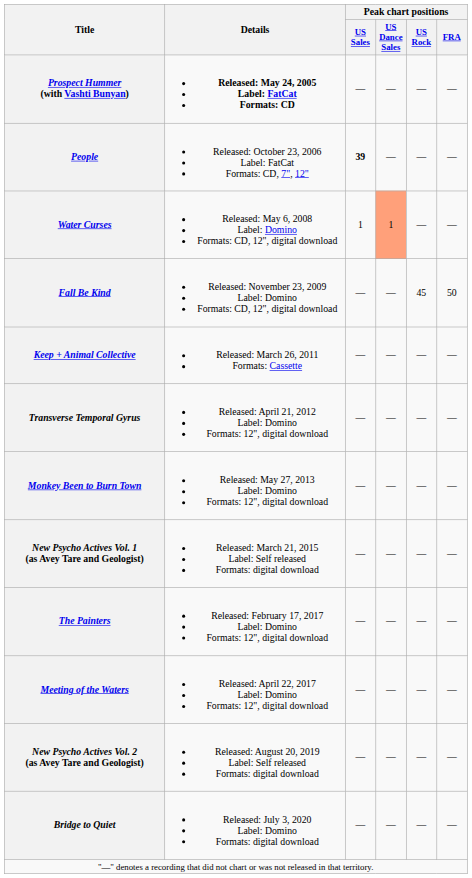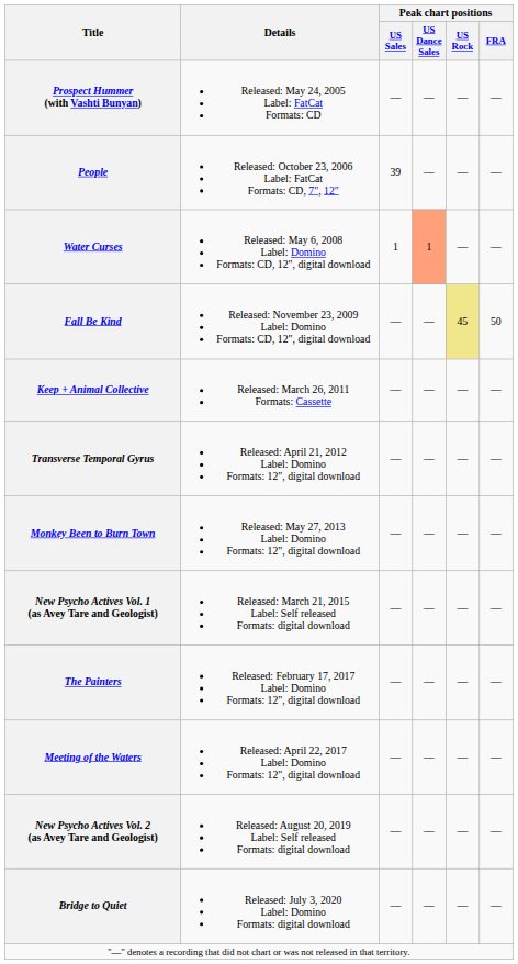 <table class="wikitable plainrowheaders" style="text-align:center;" border="1">
 <tr>
 <th scope="col" rowspan="2" style="width:16em;">Title</th>
 <th scope="col" rowspan="2" style="width:18em;">Details</th>
 <th scope="col" colspan="4">Peak chart positions</th>
 </tr>
 <tr>
 <th scope="col" style="width:3em;font-size:90%;"><a href='#'>US<br>Sales</a><br></th>
 <th scope="col" style="width:3em;font-size:90%;"><a href='#'>US<br>Dance<br>Sales</a><br></th>
 <th scope="col" style="width:3em;font-size:90%;"><a href='#'>US<br>Rock</a><br></th>
 <th scope="col" style="width:3em;font-size:90%;"><a href='#'>FRA</a><br></th>
 </tr>
 <tr>
 <th scope="row"><em><a href='#'>Prospect Hummer</a></em><br><span>(with <a href='#'>Vashti Bunyan</a>)</span></th>
-<td><strong><br><ul><li>Released: May 24, 2005</li><li>Label: <a href='#'>FatCat</a></li><li>Formats: CD</li></ul></strong></td>
+<td><br><ul><li>Released: May 24, 2005</li><li>Label: <a href='#'>FatCat</a></li><li>Formats: CD</li></ul></td>
 <td>—</td>
 <td>—</td>
 <td>—</td>
 <td>—</td>
 </tr>
 <tr>
 <th scope="row"><em><a href='#'>People</a></em></th>
 <td><br><ul><li>Released: October 23, 2006</li><li>Label: FatCat</li><li>Formats: CD, <a href='#'>7"</a>, <a href='#'>12"</a></li></ul></td>
-<td><strong>39</strong></td>
+<td>39</td>
 <td>—</td>
 <td>—</td>
 <td>—</td>
 </tr>
 <tr>
 <th scope="row"><em><a href='#'>Water Curses</a></em></th>
 <td><br><ul><li>Released: May 6, 2008</li><li>Label: <a href='#'>Domino</a></li><li>Formats: CD, 12", digital download</li></ul></td>
 <td>1</td>
 <td style="background: lightsalmon;">1</td>
 <td>—</td>
 <td>—</td>
 </tr>
 <tr>
 <th scope="row"><em><a href='#'>Fall Be Kind</a></em></th>
 <td><br><ul><li>Released: November 23, 2009</li><li>Label: Domino</li><li>Formats: CD, 12", digital download</li></ul></td>
 <td>—</td>
 <td>—</td>
-<td>45</td>
+<td style="background: khaki;">45</td>
 <td>50</td>
 </tr>
 <tr>
 <th scope="row"><em><a href='#'>Keep + Animal Collective</a></em></th>
 <td><br><ul><li>Released: March 26, 2011</li><li>Formats: <a href='#'>Cassette</a></li></ul></td>
 <td>—</td>
 <td>—</td>
 <td>—</td>
 <td>—</td>
 </tr>
 <tr>
 <th scope="row"><em>Transverse Temporal Gyrus</em></th>
 <td><br><ul><li>Released: April 21, 2012</li><li>Label: Domino</li><li>Formats: 12", digital download</li></ul></td>
 <td>—</td>
 <td>—</td>
 <td>—</td>
 <td>—</td>
 </tr>
 <tr>
 <th scope="row"><em><a href='#'>Monkey Been to Burn Town</a></em></th>
 <td><br><ul><li>Released: May 27, 2013</li><li>Label: Domino</li><li>Formats: 12", digital download</li></ul></td>
 <td>—</td>
 <td>—</td>
 <td>—</td>
 <td>—</td>
 </tr>
 <tr>
 <th scope="row"><em>New Psycho Actives Vol. 1</em><br><span>(as Avey Tare and Geologist)</span></th>
 <td><br><ul><li>Released: March 21, 2015</li><li>Label: Self released</li><li>Formats: digital download</li></ul></td>
 <td>—</td>
 <td>—</td>
 <td>—</td>
 <td>—</td>
 </tr>
 <tr>
 <th scope="row"><em><a href='#'>The Painters</a></em></th>
 <td><br><ul><li>Released: February 17, 2017</li><li>Label: Domino</li><li>Formats: 12", digital download</li></ul></td>
 <td>—</td>
 <td>—</td>
 <td>—</td>
 <td>—</td>
 </tr>
 <tr>
 <th scope="row"><em><a href='#'>Meeting of the Waters</a></em></th>
 <td><br><ul><li>Released: April 22, 2017</li><li>Label: Domino</li><li>Formats: 12", digital download</li></ul></td>
 <td>—</td>
 <td>—</td>
 <td>—</td>
 <td>—</td>
 </tr>
 <tr>
 <th scope="row"><em>New Psycho Actives Vol. 2</em><br><span>(as Avey Tare and Geologist)</span></th>
 <td><br><ul><li>Released: August 20, 2019</li><li>Label: Self released</li><li>Formats: digital download</li></ul></td>
 <td>—</td>
 <td>—</td>
 <td>—</td>
 <td>—</td>
 </tr>
 <tr>
 <th scope="row"><em>Bridge to Quiet</em></th>
 <td><br><ul><li>Released: July 3, 2020</li><li>Label: Domino</li><li>Formats: digital download</li></ul></td>
 <td>—</td>
 <td>—</td>
 <td>—</td>
 <td>—</td>
 </tr>
 <tr>
 <td colspan="8" style="font-size:90%">"—" denotes a recording that did not chart or was not released in that territory.</td>
 </tr>
 </table>
